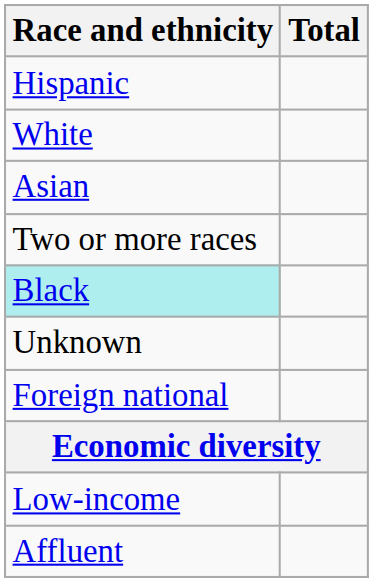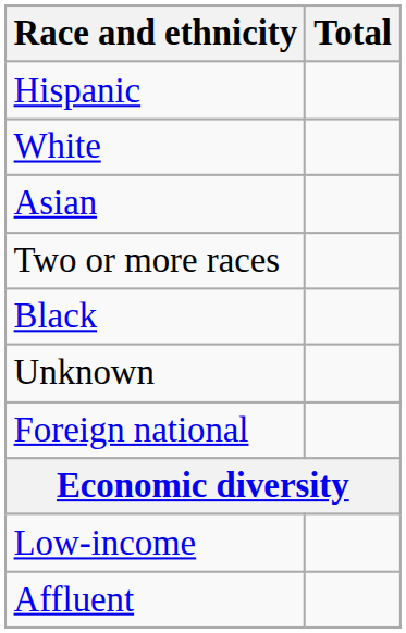 <table class="wikitable floatright sortable collapsible"; text-align:right; font-size:80%;">
 <tr>
 <th>Race and ethnicity</th>
 <th colspan="2" data-sort-type=number>Total</th>
 </tr>
 <tr>
 <td><a href='#'>Hispanic</a></td>
 <td align=right></td>
 </tr>
 <tr>
 <td><a href='#'>White</a></td>
 <td align=right></td>
 </tr>
 <tr>
 <td><a href='#'>Asian</a></td>
 <td align=right></td>
 </tr>
 <tr>
 <td>Two or more races</td>
 <td align=right></td>
 </tr>
 <tr>
-<td style="background: paleturquoise;"><a href='#'>Black</a></td>
+<td><a href='#'>Black</a></td>
 <td align=right></td>
 </tr>
 <tr>
 <td>Unknown</td>
 <td align=right></td>
 </tr>
 <tr>
 <td><a href='#'>Foreign national</a></td>
 <td align=right></td>
 </tr>
 <tr>
 <th colspan="4" data-sort-type=number><a href='#'>Economic diversity</a></th>
 </tr>
 <tr>
 <td><a href='#'>Low-income</a></td>
 <td align=right></td>
 </tr>
 <tr>
 <td><a href='#'>Affluent</a></td>
 <td align=right></td>
 </tr>
 </table>
